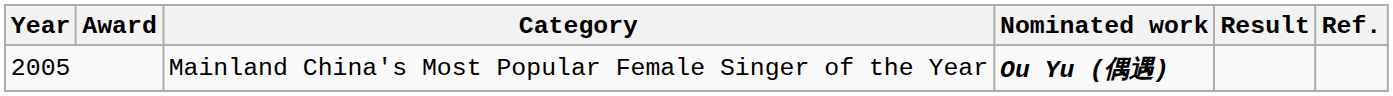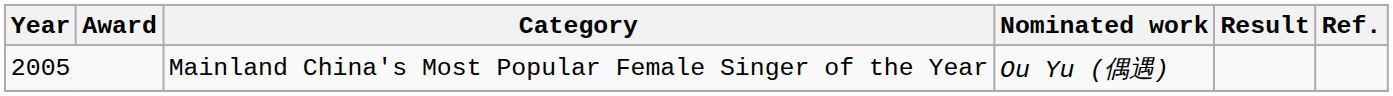 <table class="wikitable">
 <tr>
 <th>Year</th>
 <th>Award</th>
 <th>Category</th>
 <th>Nominated work</th>
 <th>Result</th>
 <th>Ref.</th>
 </tr>
 <tr>
 <td colspan=2>2005</td>
 <td>Mainland China's Most Popular Female Singer of the Year</td>
-<td><strong><em>Ou Yu (偶遇)</em></strong></td>
+<td><em>Ou Yu (偶遇)</em></td>
 <td></td>
 <td rowspan=1></td>
 </tr>
 <tr>
 </tr>
 </table>
